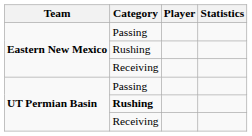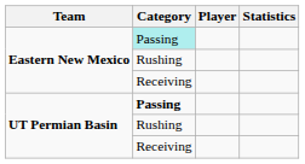 <table class="wikitable" style="float: right;">
 <tr>
 <th>Team</th>
 <th>Category</th>
 <th>Player</th>
 <th>Statistics</th>
 </tr>
 <tr>
 <td rowspan=3><strong>Eastern New Mexico</strong></td>
-<td>Passing</td>
+<td style="background: paleturquoise;">Passing</td>
 <td></td>
 <td></td>
 </tr>
 <tr>
 <td>Rushing</td>
 <td></td>
 <td></td>
 </tr>
 <tr>
 <td>Receiving</td>
 <td></td>
 <td></td>
 </tr>
 <tr>
 <td rowspan=3><strong>UT Permian Basin</strong></td>
-<td>Passing</td>
+<td><strong>Passing</strong></td>
 <td></td>
 <td></td>
 </tr>
 <tr>
-<td><strong>Rushing</strong></td>
+<td>Rushing</td>
 <td></td>
 <td></td>
 </tr>
 <tr>
 <td>Receiving</td>
 <td></td>
 <td></td>
 </tr>
 </table>
